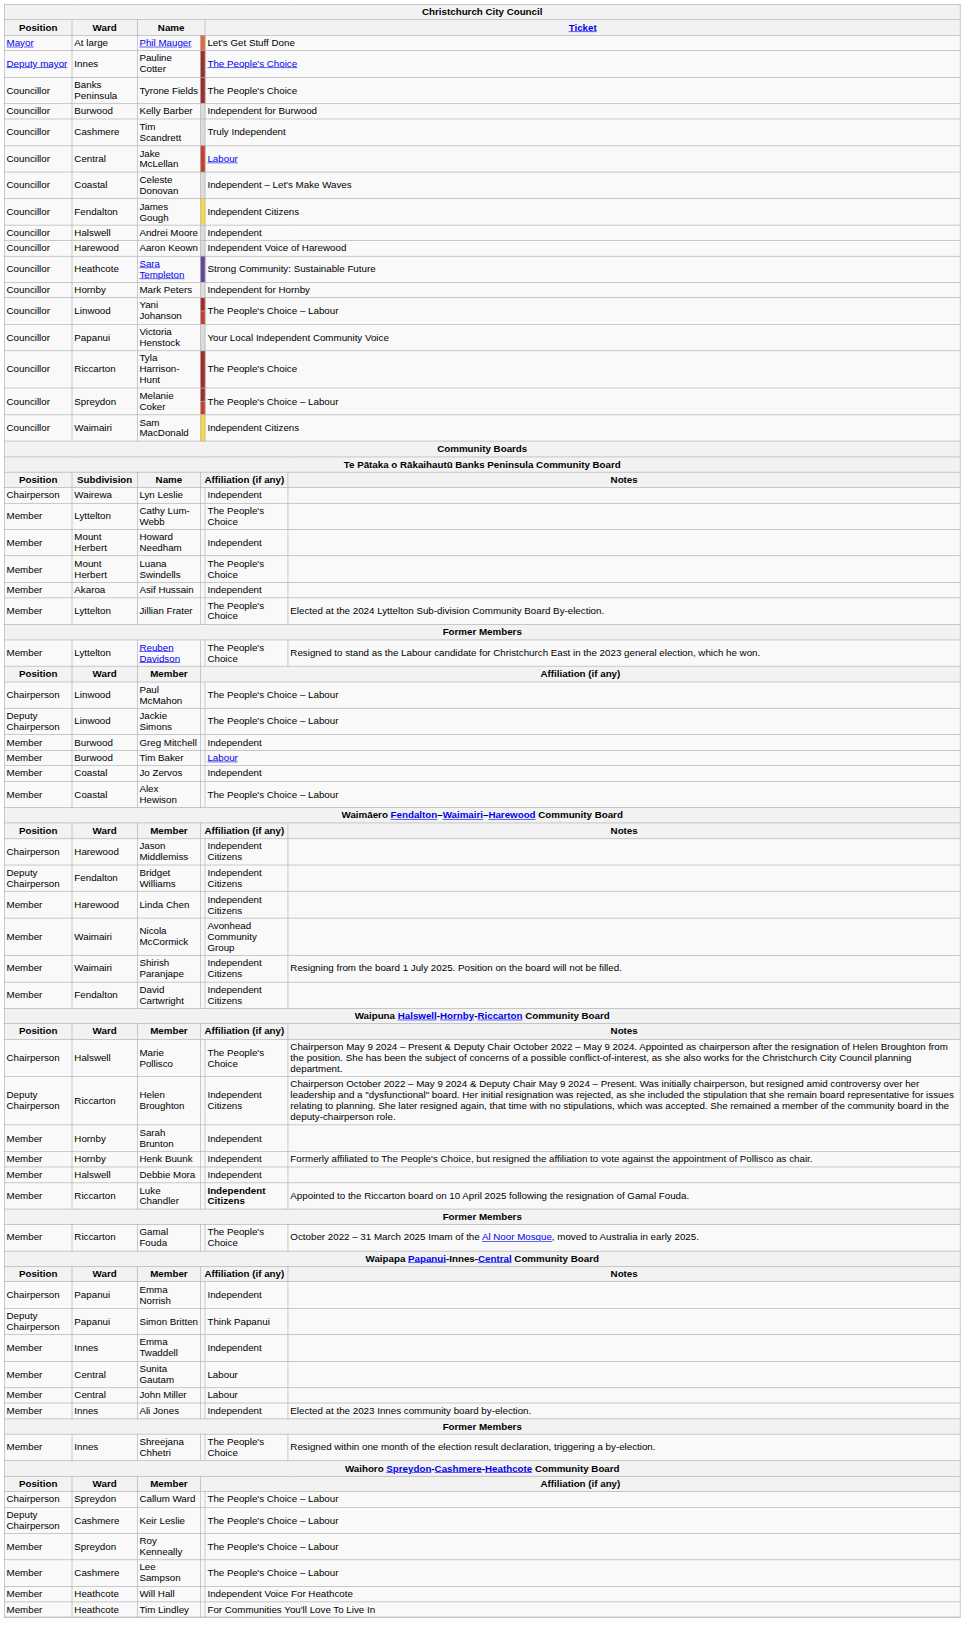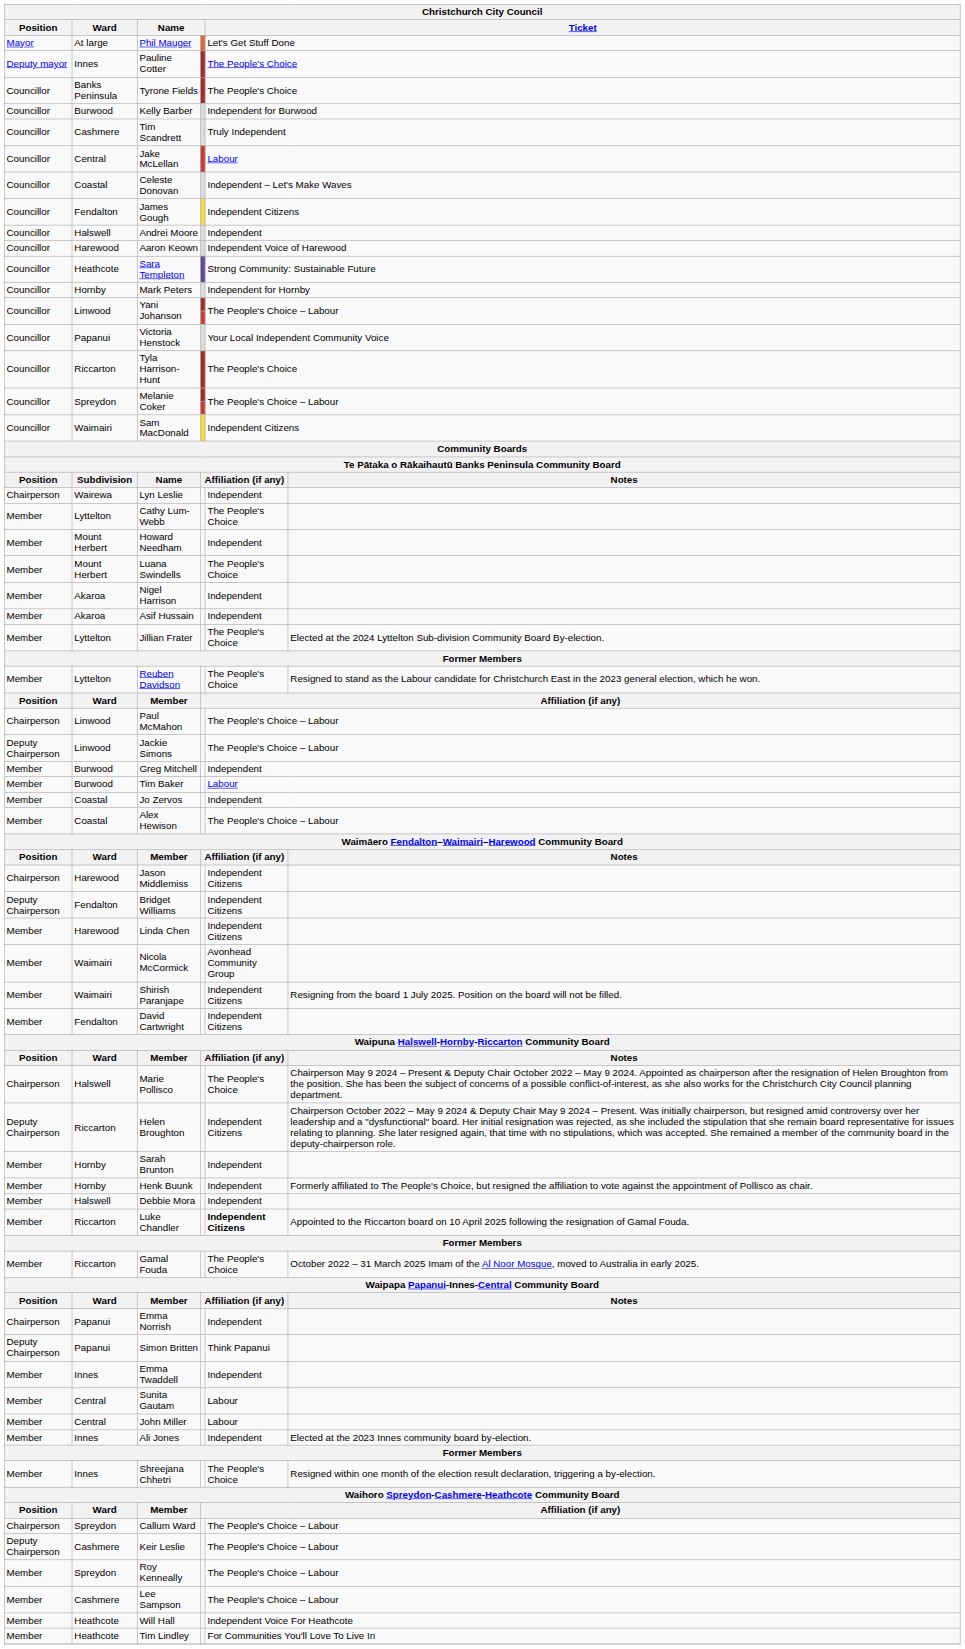 <table class="wikitable" border="1">
 <tr>
 <th colspan=6>Christchurch City Council</th>
 </tr>
 <tr>
 <th>Position</th>
 <th>Ward</th>
 <th colspan="2">Name</th>
 <th colspan=2><a href='#'>Ticket</a></th>
 </tr>
 <tr>
 <td><a href='#'>Mayor</a></td>
 <td>At large</td>
 <td class="nowrap"><a href='#'>Phil Mauger</a></td>
 <td bgcolor="#db6b39"></td>
 <td colspan="2">Let's Get Stuff Done</td>
 </tr>
 <tr>
 <td><a href='#'>Deputy mayor</a></td>
 <td>Innes</td>
 <td class="nowrap">Pauline Cotter</td>
 <td bgcolor="#9d2d2a"></td>
 <td colspan="2"><a href='#'>The People's Choice</a></td>
 </tr>
 <tr>
 <td>Councillor</td>
 <td>Banks Peninsula</td>
 <td class="nowrap">Tyrone Fields</td>
 <td bgcolor="#9d2d2a"></td>
 <td colspan="2">The People's Choice</td>
 </tr>
 <tr>
 <td>Councillor</td>
 <td>Burwood</td>
 <td class="nowrap">Kelly Barber</td>
 <td bgcolor="#dcdcdc"></td>
 <td colspan="2">Independent for Burwood</td>
 </tr>
 <tr>
 <td>Councillor</td>
 <td>Cashmere</td>
 <td class="nowrap">Tim Scandrett</td>
 <td bgcolor="#dcdcdc"></td>
 <td colspan="2">Truly Independent</td>
 </tr>
 <tr>
 <td>Councillor</td>
 <td>Central</td>
 <td class="nowrap">Jake McLellan</td>
 <td bgcolor="#c63e32"></td>
 <td colspan="2"><a href='#'>Labour</a></td>
 </tr>
 <tr>
 <td>Councillor</td>
 <td>Coastal</td>
 <td class="nowrap">Celeste Donovan</td>
 <td bgcolor="#dcdcdc"></td>
 <td colspan="2">Independent – Let's Make Waves</td>
 </tr>
 <tr>
 <td>Councillor</td>
 <td>Fendalton</td>
 <td class="nowrap">James Gough</td>
 <td bgcolor="#f4da49"></td>
 <td colspan="2">Independent Citizens</td>
 </tr>
 <tr>
 <td>Councillor</td>
 <td>Halswell</td>
 <td class="nowrap">Andrei Moore</td>
 <td bgcolor="#dcdcdc"></td>
 <td colspan="2">Independent</td>
 </tr>
 <tr>
 <td>Councillor</td>
 <td>Harewood</td>
 <td class="nowrap">Aaron Keown</td>
 <td bgcolor="#dcdcdc"></td>
 <td colspan="2">Independent Voice of Harewood</td>
 </tr>
 <tr>
 <td>Councillor</td>
 <td>Heathcote</td>
 <td class="nowrap"><a href='#'>Sara Templeton</a></td>
 <td bgcolor="#624797"></td>
 <td colspan="2">Strong Community: Sustainable Future</td>
 </tr>
 <tr>
 <td>Councillor</td>
 <td>Hornby</td>
 <td class="nowrap">Mark Peters</td>
 <td bgcolor="#dcdcdc"></td>
 <td colspan="2">Independent for Hornby</td>
 </tr>
 <tr>
 <td rowspan="2">Councillor</td>
 <td rowspan="2">Linwood</td>
 <td class="nowrap" rowspan="2">Yani Johanson</td>
 <td bgcolor="#9d2d2a"></td>
 <td colspan="2" rowspan="2">The People's Choice – Labour</td>
 </tr>
 <tr>
 <td bgcolor="#c63e32"></td>
 </tr>
 <tr>
 <td>Councillor</td>
 <td>Papanui</td>
 <td class="nowrap">Victoria Henstock</td>
 <td bgcolor="#dcdcdc"></td>
 <td colspan="2">Your Local Independent Community Voice</td>
 </tr>
 <tr>
 <td>Councillor</td>
 <td>Riccarton</td>
 <td class="nowrap">Tyla Harrison-Hunt</td>
 <td bgcolor="#9d2d2a"></td>
 <td colspan="2">The People's Choice</td>
 </tr>
 <tr>
 <td rowspan="2">Councillor</td>
 <td rowspan="2">Spreydon</td>
 <td class="nowrap" rowspan="2">Melanie Coker</td>
 <td bgcolor="#9d2d2a"></td>
 <td colspan="2" rowspan="2">The People's Choice – Labour</td>
 </tr>
 <tr>
 <td bgcolor="#c63e32"></td>
 </tr>
 <tr>
 <td>Councillor</td>
 <td>Waimairi</td>
 <td class="nowrap">Sam MacDonald</td>
 <td bgcolor="#f4da49"></td>
 <td colspan="2">Independent Citizens</td>
 </tr>
 <tr>
 <th colspan=6>Community Boards</th>
 </tr>
 <tr>
 <th colspan=6>Te Pātaka o Rākaihautū Banks Peninsula Community Board</th>
 </tr>
 <tr>
 <th>Position</th>
 <th>Subdivision</th>
 <th>Name</th>
 <th colspan="2">Affiliation (if any)</th>
 <th>Notes</th>
 </tr>
 <tr>
 <td>Chairperson</td>
 <td>Wairewa</td>
 <td class="nowrap">Lyn Leslie</td>
 <td></td>
 <td>Independent</td>
 <td></td>
 </tr>
 <tr>
 <td>Member</td>
 <td>Lyttelton</td>
 <td class="nowrap">Cathy Lum-Webb</td>
 <td></td>
 <td>The People's Choice</td>
 <td></td>
 </tr>
 <tr>
 <td>Member</td>
 <td>Mount Herbert</td>
 <td class="nowrap">Howard Needham</td>
 <td></td>
 <td>Independent</td>
 <td></td>
 </tr>
 <tr>
 <td>Member</td>
 <td>Mount Herbert</td>
 <td class="nowrap">Luana Swindells</td>
 <td></td>
 <td>The People's Choice</td>
+<td></td>
+</tr>
+<tr>
+<td>Member</td>
+<td>Akaroa</td>
+<td class="nowrap">Nigel Harrison</td>
+<td></td>
+<td>Independent</td>
 <td></td>
 </tr>
 <tr>
 <td>Member</td>
 <td>Akaroa</td>
 <td class="nowrap">Asif Hussain</td>
 <td></td>
 <td>Independent</td>
 <td></td>
 </tr>
 <tr>
 <td>Member</td>
 <td>Lyttelton</td>
 <td class="nowrap">Jillian Frater</td>
 <td></td>
 <td>The People's Choice</td>
 <td>Elected at the 2024 Lyttelton Sub-division Community Board By-election.</td>
 </tr>
 <tr>
 <th colspan=6>Former Members</th>
 </tr>
 <tr>
 <td>Member</td>
 <td>Lyttelton</td>
 <td class="nowrap"><a href='#'>Reuben Davidson</a></td>
 <td></td>
 <td>The People's Choice</td>
 <td>Resigned to stand as the Labour candidate for Christchurch East in the 2023 general election, which he won.</td>
 </tr>
 <tr>
 <th>Position</th>
 <th>Ward</th>
 <th>Member</th>
 <th colspan="3">Affiliation (if any)</th>
 </tr>
 <tr>
 <td>Chairperson</td>
 <td>Linwood</td>
 <td class="nowrap">Paul McMahon</td>
 <td></td>
 <td colspan="2">The People's Choice – Labour</td>
 </tr>
 <tr>
 <td>Deputy Chairperson</td>
 <td>Linwood</td>
 <td class="nowrap">Jackie Simons</td>
 <td></td>
 <td colspan="2">The People's Choice – Labour</td>
 </tr>
 <tr>
 <td>Member</td>
 <td>Burwood</td>
 <td class="nowrap">Greg Mitchell</td>
 <td></td>
 <td colspan="2">Independent</td>
 </tr>
 <tr>
 <td>Member</td>
 <td>Burwood</td>
 <td class="nowrap">Tim Baker</td>
 <td></td>
 <td colspan="2"><a href='#'>Labour</a></td>
 </tr>
 <tr>
 <td>Member</td>
 <td>Coastal</td>
 <td class="nowrap">Jo Zervos</td>
 <td></td>
 <td colspan="2">Independent</td>
 </tr>
 <tr>
 <td>Member</td>
 <td>Coastal</td>
 <td class="nowrap">Alex Hewison</td>
 <td></td>
 <td colspan="2">The People's Choice – Labour</td>
 </tr>
 <tr>
 <th colspan=6>Waimāero <a href='#'>Fendalton</a>–<a href='#'>Waimairi</a>–<a href='#'>Harewood</a> Community Board</th>
 </tr>
 <tr>
 <th>Position</th>
 <th>Ward</th>
 <th>Member</th>
 <th colspan="2">Affiliation (if any)</th>
 <th>Notes</th>
 </tr>
 <tr>
 <td>Chairperson</td>
 <td>Harewood</td>
 <td class="nowrap">Jason Middlemiss</td>
 <td></td>
 <td>Independent Citizens</td>
 <td></td>
 </tr>
 <tr>
 <td>Deputy Chairperson</td>
 <td>Fendalton</td>
 <td class="nowrap">Bridget Williams</td>
 <td></td>
 <td>Independent Citizens</td>
 <td></td>
 </tr>
 <tr>
 <td>Member</td>
 <td>Harewood</td>
 <td class="nowrap">Linda Chen</td>
 <td></td>
 <td>Independent Citizens</td>
 <td></td>
 </tr>
 <tr>
 <td>Member</td>
 <td>Waimairi</td>
 <td class="nowrap">Nicola McCormick</td>
 <td></td>
 <td>Avonhead Community Group</td>
 <td></td>
 </tr>
 <tr>
 <td>Member</td>
 <td>Waimairi</td>
 <td class="nowrap">Shirish Paranjape</td>
 <td></td>
 <td>Independent Citizens</td>
 <td>Resigning from the board 1 July 2025. Position on the board will not be filled.</td>
 </tr>
 <tr>
 <td>Member</td>
 <td>Fendalton</td>
 <td class="nowrap">David Cartwright</td>
 <td></td>
 <td>Independent Citizens</td>
 </tr>
 <tr>
 <th colspan=6>Waipuna <a href='#'>Halswell</a>-<a href='#'>Hornby</a>-<a href='#'>Riccarton</a> Community Board</th>
 </tr>
 <tr>
 <th>Position</th>
 <th>Ward</th>
 <th>Member</th>
 <th colspan="2">Affiliation (if any)</th>
 <th>Notes</th>
 </tr>
 <tr>
 <td>Chairperson</td>
 <td>Halswell</td>
 <td class="nowrap">Marie Pollisco</td>
 <td></td>
 <td>The People's Choice</td>
 <td>Chairperson May 9 2024 – Present & Deputy Chair October 2022 – May 9 2024. Appointed as chairperson after the resignation of Helen Broughton from the position. She has been the subject of concerns of a possible conflict-of-interest, as she also works for the Christchurch City Council planning department.</td>
 </tr>
 <tr>
 <td>Deputy Chairperson</td>
 <td>Riccarton</td>
 <td class="nowrap">Helen Broughton</td>
 <td></td>
 <td>Independent Citizens</td>
 <td>Chairperson October 2022 – May 9 2024 & Deputy Chair May 9 2024 – Present. Was initially chairperson, but resigned amid controversy over her leadership and a "dysfunctional" board. Her initial resignation was rejected, as she included the stipulation that she remain board representative for issues relating to planning. She later resigned again, that time with no stipulations, which was accepted. She remained a member of the community board in the deputy-chairperson role.</td>
 </tr>
 <tr>
 <td>Member</td>
 <td>Hornby</td>
 <td class="nowrap">Sarah Brunton</td>
 <td></td>
 <td>Independent</td>
 <td></td>
 </tr>
 <tr>
 <td>Member</td>
 <td>Hornby</td>
 <td class="nowrap">Henk Buunk</td>
 <td></td>
 <td>Independent</td>
 <td>Formerly affiliated to The People's Choice, but resigned the affiliation to vote against the appointment of Pollisco as chair.</td>
 </tr>
 <tr>
 <td>Member</td>
 <td>Halswell</td>
 <td class="nowrap">Debbie Mora</td>
 <td></td>
 <td>Independent</td>
 <td></td>
 </tr>
 <tr>
 <td>Member</td>
 <td>Riccarton</td>
 <td class="nowrap">Luke Chandler</td>
 <td></td>
 <td><strong>Independent Citizens</strong></td>
 <td>Appointed to the Riccarton board on 10 April 2025 following the resignation of Gamal Fouda.</td>
 </tr>
 <tr>
 <th colspan=6>Former Members</th>
 </tr>
 <tr>
 <td>Member</td>
 <td>Riccarton</td>
 <td class="nowrap">Gamal Fouda</td>
 <td></td>
 <td>The People's Choice</td>
 <td>October 2022 – 31 March 2025 Imam of the <a href='#'>Al Noor Mosque</a>, moved to Australia in early 2025.</td>
 </tr>
 <tr>
 <th colspan=6>Waipapa <a href='#'>Papanui</a>-Innes-<a href='#'>Central</a> Community Board</th>
 </tr>
 <tr>
 <th>Position</th>
 <th>Ward</th>
 <th>Member</th>
 <th colspan="2">Affiliation (if any)</th>
 <th>Notes</th>
 </tr>
 <tr>
 <td>Chairperson</td>
 <td>Papanui</td>
 <td class="nowrap">Emma Norrish</td>
 <td></td>
 <td>Independent</td>
 <td></td>
 </tr>
 <tr>
 <td>Deputy Chairperson</td>
 <td>Papanui</td>
 <td class="nowrap">Simon Britten</td>
 <td></td>
 <td>Think Papanui</td>
 <td></td>
 </tr>
 <tr>
 <td>Member</td>
 <td>Innes</td>
 <td class="nowrap">Emma Twaddell</td>
 <td></td>
 <td>Independent</td>
 <td></td>
 </tr>
 <tr>
 <td>Member</td>
 <td>Central</td>
 <td class="nowrap">Sunita Gautam</td>
 <td></td>
 <td>Labour</td>
 <td></td>
 </tr>
 <tr>
 <td>Member</td>
 <td>Central</td>
 <td class="nowrap">John Miller</td>
 <td></td>
 <td>Labour</td>
 <td></td>
 </tr>
 <tr>
 <td>Member</td>
 <td>Innes</td>
 <td class="nowrap">Ali Jones</td>
 <td></td>
 <td>Independent</td>
 <td>Elected at the 2023 Innes community board by-election.</td>
 </tr>
 <tr>
 <th colspan=6>Former Members</th>
 </tr>
 <tr>
 <td>Member</td>
 <td>Innes</td>
 <td class="nowrap">Shreejana Chhetri</td>
 <td></td>
 <td>The People's Choice</td>
 <td>Resigned within one month of the election result declaration, triggering a by-election.</td>
 </tr>
 <tr>
 <th colspan=6>Waihoro <a href='#'>Spreydon</a>-<a href='#'>Cashmere</a>-<a href='#'>Heathcote</a> Community Board</th>
 </tr>
 <tr>
 <th>Position</th>
 <th>Ward</th>
 <th>Member</th>
 <th colspan="3">Affiliation (if any)</th>
 </tr>
 <tr>
 <td>Chairperson</td>
 <td>Spreydon</td>
 <td class="nowrap">Callum Ward</td>
 <td></td>
 <td colspan="2">The People's Choice – Labour</td>
 </tr>
 <tr>
 <td>Deputy Chairperson</td>
 <td>Cashmere</td>
 <td class="nowrap">Keir Leslie</td>
 <td></td>
 <td colspan="2">The People's Choice – Labour</td>
 </tr>
 <tr>
 <td>Member</td>
 <td>Spreydon</td>
 <td class="nowrap">Roy Kenneally</td>
 <td></td>
 <td colspan="2">The People's Choice – Labour</td>
 </tr>
 <tr>
 <td>Member</td>
 <td>Cashmere</td>
 <td class="nowrap">Lee Sampson</td>
 <td></td>
 <td colspan="2">The People's Choice – Labour</td>
 </tr>
 <tr>
 <td>Member</td>
 <td>Heathcote</td>
 <td class="nowrap">Will Hall</td>
 <td></td>
 <td colspan="2">Independent Voice For Heathcote</td>
 </tr>
 <tr>
 <td>Member</td>
 <td>Heathcote</td>
 <td class="nowrap">Tim Lindley</td>
 <td></td>
 <td colspan="2">For Communities You'll Love To Live In</td>
 </tr>
 <tr>
 </tr>
 </table>
